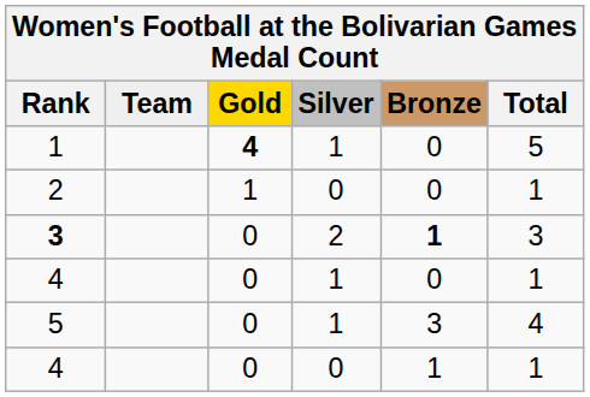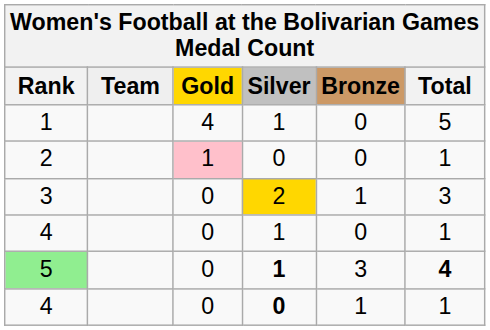 <table class="wikitable" border="2" style="text-align:center">
 <tr>
 <th colspan=6>Women's Football at the Bolivarian Games <br>Medal Count</th>
 </tr>
 <tr bgcolor="#efefef">
 <th>Rank</th>
 <td><strong>Team</strong></td>
 <td bgcolor="gold" align=center width=40><strong>Gold</strong></td>
 <td bgcolor="silver" align=center width=40><strong>Silver</strong></td>
 <td bgcolor="CC9966" align=center width=40><strong>Bronze</strong></td>
 <th>Total</th>
 </tr>
 <tr>
 <td>1</td>
 <td align=left></td>
-<td><strong>4</strong></td>
+<td>4</td>
 <td>1</td>
 <td>0</td>
 <td>5</td>
 </tr>
 <tr>
 <td>2</td>
 <td align=left></td>
-<td>1</td>
+<td style="background: pink;">1</td>
 <td>0</td>
 <td>0</td>
 <td>1</td>
 </tr>
 <tr>
-<td><strong>3</strong></td>
+<td>3</td>
 <td align=left></td>
 <td>0</td>
-<td>2</td>
-<td><strong>1</strong></td>
+<td style="background: gold;">2</td>
+<td>1</td>
 <td>3</td>
 </tr>
 <tr>
 <td>4</td>
 <td align=left></td>
 <td>0</td>
 <td>1</td>
 <td>0</td>
 <td>1</td>
 </tr>
 <tr>
-<td>5</td>
+<td style="background: lightgreen;">5</td>
 <td align=left></td>
 <td>0</td>
-<td>1</td>
+<td><strong>1</strong></td>
 <td>3</td>
-<td>4</td>
+<td><strong>4</strong></td>
 </tr>
 <tr>
 <td>4</td>
 <td align=left></td>
 <td>0</td>
-<td>0</td>
+<td><strong>0</strong></td>
 <td>1</td>
 <td>1</td>
 </tr>
 </table>
